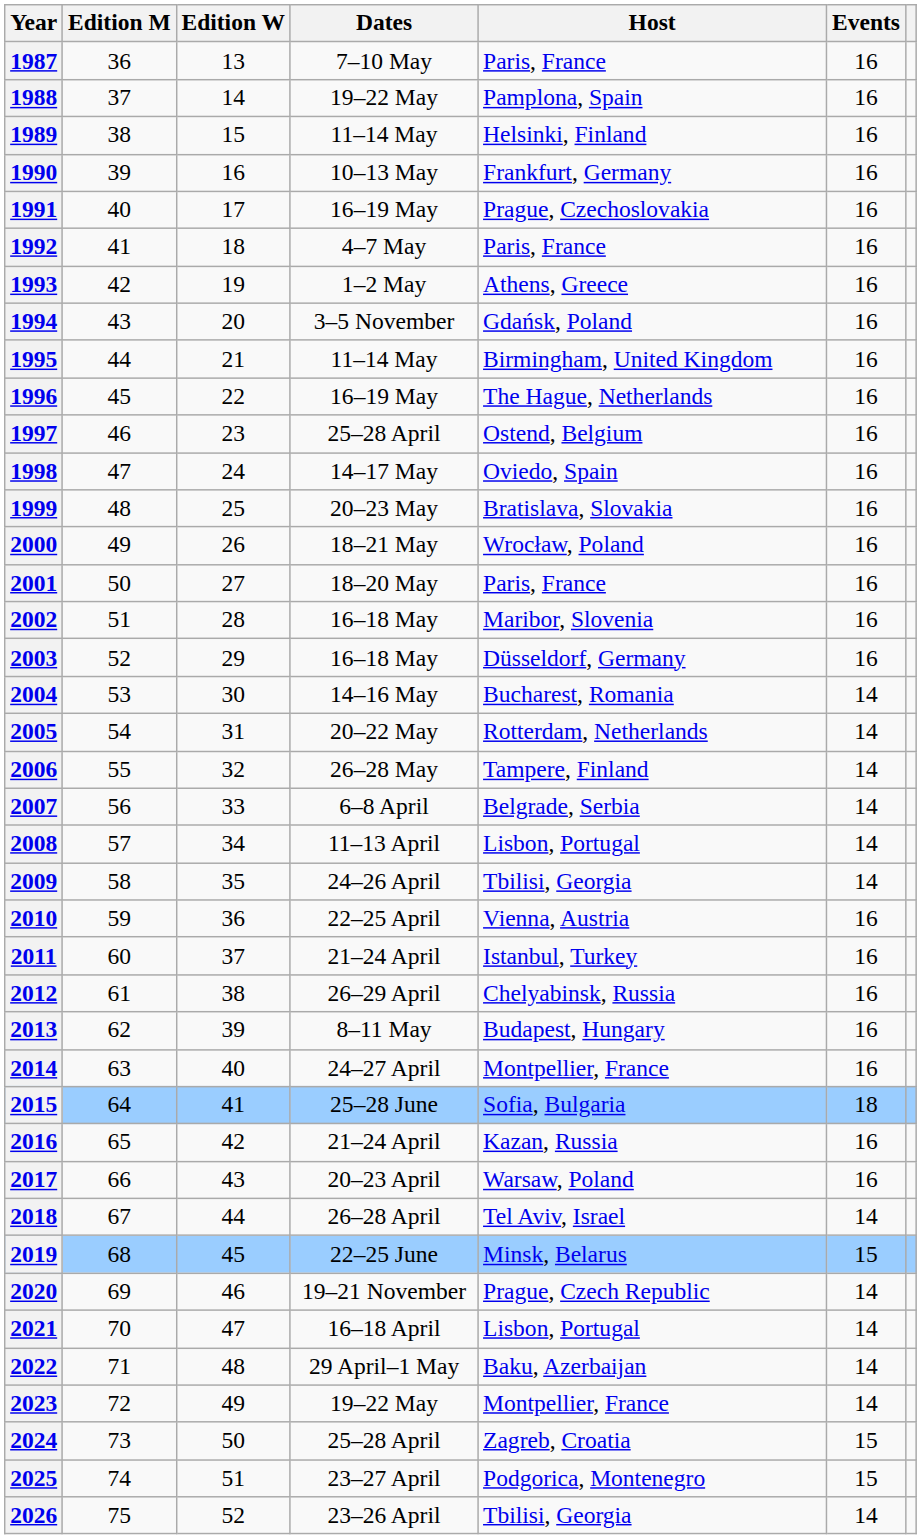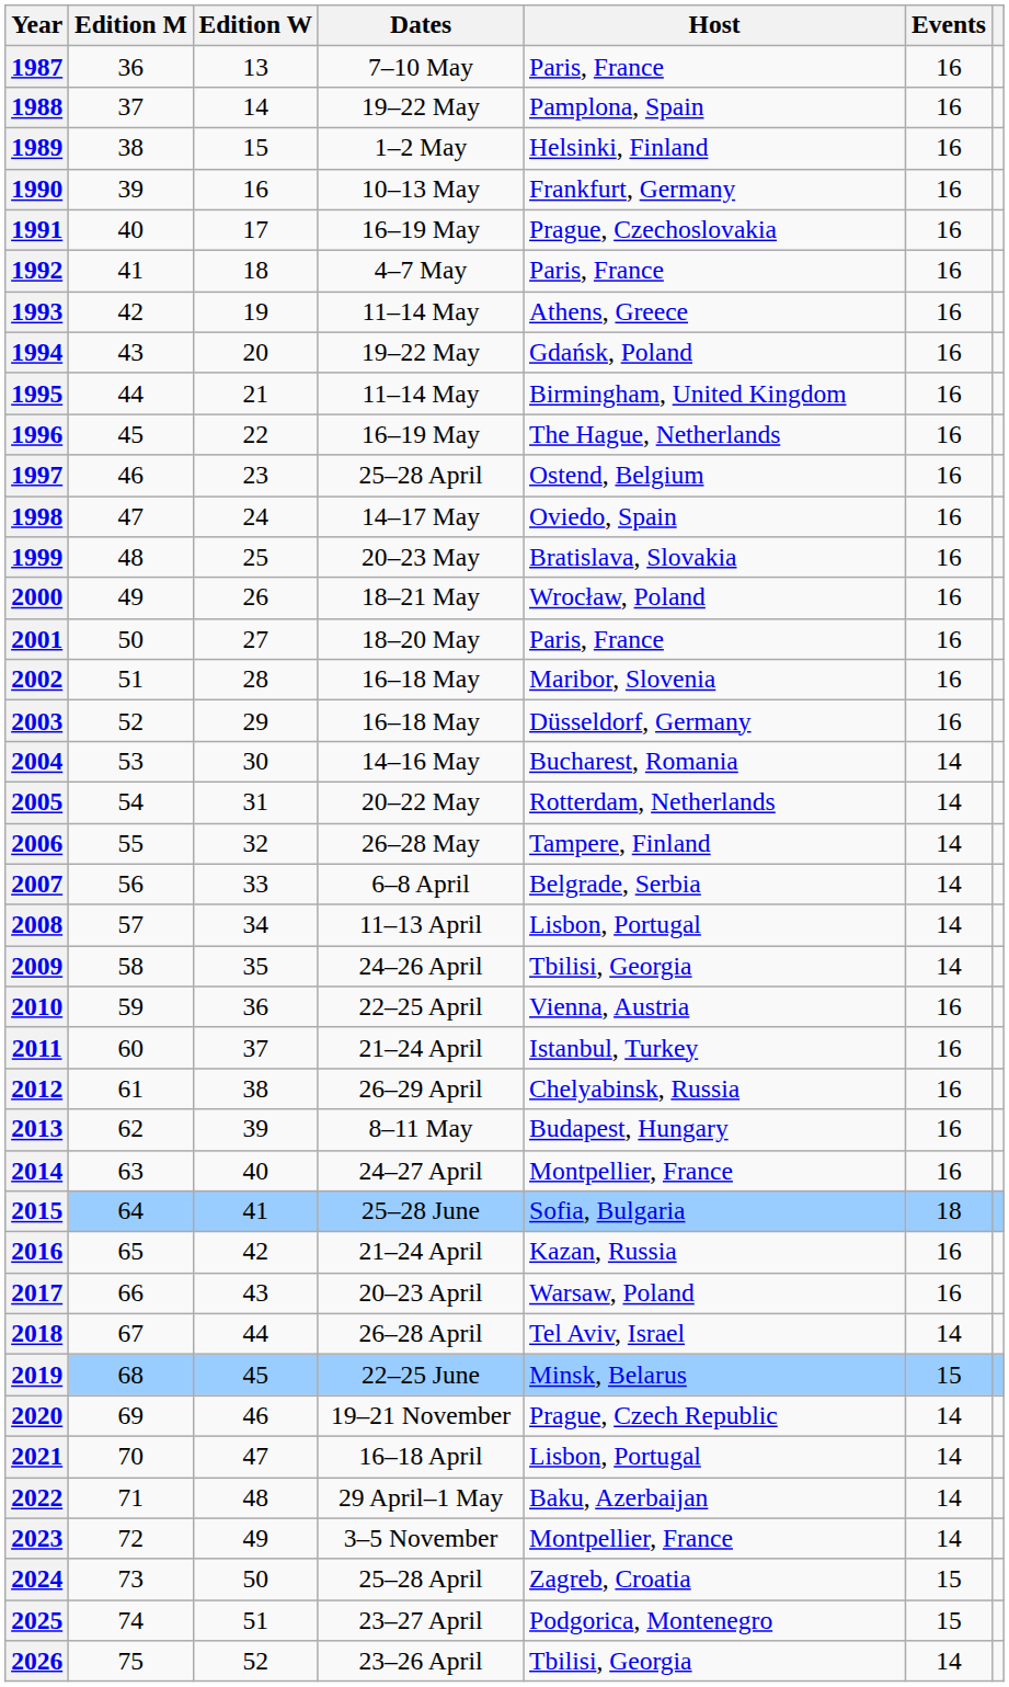 <table class="wikitable" style="text-align:center;">
 <tr>
 <th>Year</th>
 <th>Edition M</th>
 <th>Edition W</th>
 <th width=120>Dates</th>
 <th width=230>Host</th>
 <th>Events</th>
 <th></th>
 </tr>
 <tr>
 <th><a href='#'>1987</a></th>
 <td>36</td>
 <td>13</td>
 <td>7–10 May</td>
 <td align=left> <a href='#'>Paris</a>, <a href='#'>France</a></td>
 <td>16</td>
 <td></td>
 </tr>
 <tr>
 <th><a href='#'>1988</a></th>
 <td>37</td>
 <td>14</td>
 <td>19–22 May</td>
 <td align=left> <a href='#'>Pamplona</a>, <a href='#'>Spain</a></td>
 <td>16</td>
 <td></td>
 </tr>
 <tr>
 <th><a href='#'>1989</a></th>
 <td>38</td>
 <td>15</td>
-<td>11–14 May</td>
+<td>1–2 May</td>
 <td align=left> <a href='#'>Helsinki</a>, <a href='#'>Finland</a></td>
 <td>16</td>
 <td></td>
 </tr>
 <tr>
 <th><a href='#'>1990</a></th>
 <td>39</td>
 <td>16</td>
 <td>10–13 May</td>
 <td align=left> <a href='#'>Frankfurt</a>, <a href='#'>Germany</a></td>
 <td>16</td>
 <td></td>
 </tr>
 <tr>
 <th><a href='#'>1991</a></th>
 <td>40</td>
 <td>17</td>
 <td>16–19 May</td>
 <td align=left> <a href='#'>Prague</a>, <a href='#'>Czechoslovakia</a></td>
 <td>16</td>
 <td></td>
 </tr>
 <tr>
 <th><a href='#'>1992</a></th>
 <td>41</td>
 <td>18</td>
 <td>4–7 May</td>
 <td align=left> <a href='#'>Paris</a>, <a href='#'>France</a></td>
 <td>16</td>
 <td></td>
 </tr>
 <tr>
 <th><a href='#'>1993</a></th>
 <td>42</td>
 <td>19</td>
-<td>1–2 May</td>
+<td>11–14 May</td>
 <td align=left> <a href='#'>Athens</a>, <a href='#'>Greece</a></td>
 <td>16</td>
 <td></td>
 </tr>
 <tr>
 <th><a href='#'>1994</a></th>
 <td>43</td>
 <td>20</td>
-<td>3–5 November</td>
+<td>19–22 May</td>
 <td align=left> <a href='#'>Gdańsk</a>, <a href='#'>Poland</a></td>
 <td>16</td>
 <td></td>
 </tr>
 <tr>
 <th><a href='#'>1995</a></th>
 <td>44</td>
 <td>21</td>
 <td>11–14 May</td>
 <td align=left> <a href='#'>Birmingham</a>, <a href='#'>United Kingdom</a></td>
 <td>16</td>
 <td></td>
 </tr>
 <tr>
 <th><a href='#'>1996</a></th>
 <td>45</td>
 <td>22</td>
 <td>16–19 May</td>
 <td align=left> <a href='#'>The Hague</a>, <a href='#'>Netherlands</a></td>
 <td>16</td>
 <td></td>
 </tr>
 <tr>
 <th><a href='#'>1997</a></th>
 <td>46</td>
 <td>23</td>
 <td>25–28 April</td>
 <td align=left> <a href='#'>Ostend</a>, <a href='#'>Belgium</a></td>
 <td>16</td>
 <td></td>
 </tr>
 <tr>
 <th><a href='#'>1998</a></th>
 <td>47</td>
 <td>24</td>
 <td>14–17 May</td>
 <td align=left> <a href='#'>Oviedo</a>, <a href='#'>Spain</a></td>
 <td>16</td>
 <td></td>
 </tr>
 <tr>
 <th><a href='#'>1999</a></th>
 <td>48</td>
 <td>25</td>
 <td>20–23 May</td>
 <td align=left> <a href='#'>Bratislava</a>, <a href='#'>Slovakia</a></td>
 <td>16</td>
 <td></td>
 </tr>
 <tr>
 <th><a href='#'>2000</a></th>
 <td>49</td>
 <td>26</td>
 <td>18–21 May</td>
 <td align=left> <a href='#'>Wrocław</a>, <a href='#'>Poland</a></td>
 <td>16</td>
 <td></td>
 </tr>
 <tr>
 <th><a href='#'>2001</a></th>
 <td>50</td>
 <td>27</td>
 <td>18–20 May</td>
 <td align=left> <a href='#'>Paris</a>, <a href='#'>France</a></td>
 <td>16</td>
 <td></td>
 </tr>
 <tr>
 <th><a href='#'>2002</a></th>
 <td>51</td>
 <td>28</td>
 <td>16–18 May</td>
 <td align=left> <a href='#'>Maribor</a>, <a href='#'>Slovenia</a></td>
 <td>16</td>
 <td></td>
 </tr>
 <tr>
 <th><a href='#'>2003</a></th>
 <td>52</td>
 <td>29</td>
 <td>16–18 May</td>
 <td align=left> <a href='#'>Düsseldorf</a>, <a href='#'>Germany</a></td>
 <td>16</td>
 <td></td>
 </tr>
 <tr>
 <th><a href='#'>2004</a></th>
 <td>53</td>
 <td>30</td>
 <td>14–16 May</td>
 <td align=left> <a href='#'>Bucharest</a>, <a href='#'>Romania</a></td>
 <td>14</td>
 <td></td>
 </tr>
 <tr>
 <th><a href='#'>2005</a></th>
 <td>54</td>
 <td>31</td>
 <td>20–22 May</td>
 <td align=left> <a href='#'>Rotterdam</a>, <a href='#'>Netherlands</a></td>
 <td>14</td>
 <td></td>
 </tr>
 <tr>
 <th><a href='#'>2006</a></th>
 <td>55</td>
 <td>32</td>
 <td>26–28 May</td>
 <td align=left> <a href='#'>Tampere</a>, <a href='#'>Finland</a></td>
 <td>14</td>
 <td></td>
 </tr>
 <tr>
 <th><a href='#'>2007</a></th>
 <td>56</td>
 <td>33</td>
 <td>6–8 April</td>
 <td align=left> <a href='#'>Belgrade</a>, <a href='#'>Serbia</a></td>
 <td>14</td>
 <td></td>
 </tr>
 <tr>
 <th><a href='#'>2008</a></th>
 <td>57</td>
 <td>34</td>
 <td>11–13 April</td>
 <td align=left> <a href='#'>Lisbon</a>, <a href='#'>Portugal</a></td>
 <td>14</td>
 <td></td>
 </tr>
 <tr>
 <th><a href='#'>2009</a></th>
 <td>58</td>
 <td>35</td>
 <td>24–26 April</td>
 <td align=left> <a href='#'>Tbilisi</a>, <a href='#'>Georgia</a></td>
 <td>14</td>
 <td></td>
 </tr>
 <tr>
 <th><a href='#'>2010</a></th>
 <td>59</td>
 <td>36</td>
 <td>22–25 April</td>
 <td align=left> <a href='#'>Vienna</a>, <a href='#'>Austria</a></td>
 <td>16</td>
 <td></td>
 </tr>
 <tr>
 <th><a href='#'>2011</a></th>
 <td>60</td>
 <td>37</td>
 <td>21–24 April</td>
 <td align=left> <a href='#'>Istanbul</a>, <a href='#'>Turkey</a></td>
 <td>16</td>
 <td></td>
 </tr>
 <tr>
 <th><a href='#'>2012</a></th>
 <td>61</td>
 <td>38</td>
 <td>26–29 April</td>
 <td align=left> <a href='#'>Chelyabinsk</a>, <a href='#'>Russia</a></td>
 <td>16</td>
 <td></td>
 </tr>
 <tr>
 <th><a href='#'>2013</a></th>
 <td>62</td>
 <td>39</td>
 <td>8–11 May</td>
 <td align=left> <a href='#'>Budapest</a>, <a href='#'>Hungary</a></td>
 <td>16</td>
 <td></td>
 </tr>
 <tr>
 <th><a href='#'>2014</a></th>
 <td>63</td>
 <td>40</td>
 <td>24–27 April</td>
 <td align=left> <a href='#'>Montpellier</a>, <a href='#'>France</a></td>
 <td>16</td>
 <td></td>
 </tr>
 <tr style="background:#9acdff;">
 <th><a href='#'>2015</a></th>
 <td>64</td>
 <td>41</td>
 <td>25–28 June</td>
 <td align=left> <a href='#'>Sofia</a>, <a href='#'>Bulgaria</a></td>
 <td>18</td>
 <td></td>
 </tr>
 <tr>
 <th><a href='#'>2016</a></th>
 <td>65</td>
 <td>42</td>
 <td>21–24 April</td>
 <td align=left> <a href='#'>Kazan</a>, <a href='#'>Russia</a></td>
 <td>16</td>
 <td></td>
 </tr>
 <tr>
 <th><a href='#'>2017</a></th>
 <td>66</td>
 <td>43</td>
 <td>20–23 April</td>
 <td align=left> <a href='#'>Warsaw</a>, <a href='#'>Poland</a></td>
 <td>16</td>
 <td></td>
 </tr>
 <tr>
 <th><a href='#'>2018</a></th>
 <td>67</td>
 <td>44</td>
 <td>26–28 April</td>
 <td align=left> <a href='#'>Tel Aviv</a>, <a href='#'>Israel</a></td>
 <td>14</td>
 <td></td>
 </tr>
 <tr style="background:#9acdff;">
 <th><a href='#'>2019</a></th>
 <td>68</td>
 <td>45</td>
 <td>22–25 June</td>
 <td align=left> <a href='#'>Minsk</a>, <a href='#'>Belarus</a></td>
 <td>15</td>
 <td></td>
 </tr>
 <tr>
 <th><a href='#'>2020</a></th>
 <td>69</td>
 <td>46</td>
 <td>19–21 November</td>
 <td align=left> <a href='#'>Prague</a>, <a href='#'>Czech Republic</a></td>
 <td>14</td>
 <td></td>
 </tr>
 <tr>
 <th><a href='#'>2021</a></th>
 <td>70</td>
 <td>47</td>
 <td>16–18 April</td>
 <td align=left> <a href='#'>Lisbon</a>, <a href='#'>Portugal</a></td>
 <td>14</td>
 <td></td>
 </tr>
 <tr>
 <th><a href='#'>2022</a></th>
 <td>71</td>
 <td>48</td>
 <td>29 April–1 May</td>
 <td align=left> <a href='#'>Baku</a>, <a href='#'>Azerbaijan</a></td>
 <td>14</td>
 <td></td>
 </tr>
 <tr>
 <th><a href='#'>2023</a></th>
 <td>72</td>
 <td>49</td>
-<td>19–22 May</td>
+<td>3–5 November</td>
 <td align=left> <a href='#'>Montpellier</a>, <a href='#'>France</a></td>
 <td>14</td>
 <td></td>
 </tr>
 <tr>
 <th><a href='#'>2024</a></th>
 <td>73</td>
 <td>50</td>
 <td>25–28 April</td>
 <td align=left> <a href='#'>Zagreb</a>, <a href='#'>Croatia</a></td>
 <td>15</td>
 <td></td>
 </tr>
 <tr>
 <th><a href='#'>2025</a></th>
 <td>74</td>
 <td>51</td>
 <td>23–27 April</td>
 <td align=left> <a href='#'>Podgorica</a>, <a href='#'>Montenegro</a></td>
 <td>15</td>
 <td></td>
 </tr>
 <tr>
 <th><a href='#'>2026</a></th>
 <td>75</td>
 <td>52</td>
 <td>23–26 April</td>
 <td align=left> <a href='#'>Tbilisi</a>, <a href='#'>Georgia</a></td>
 <td>14</td>
 <td></td>
 </tr>
 </table>
